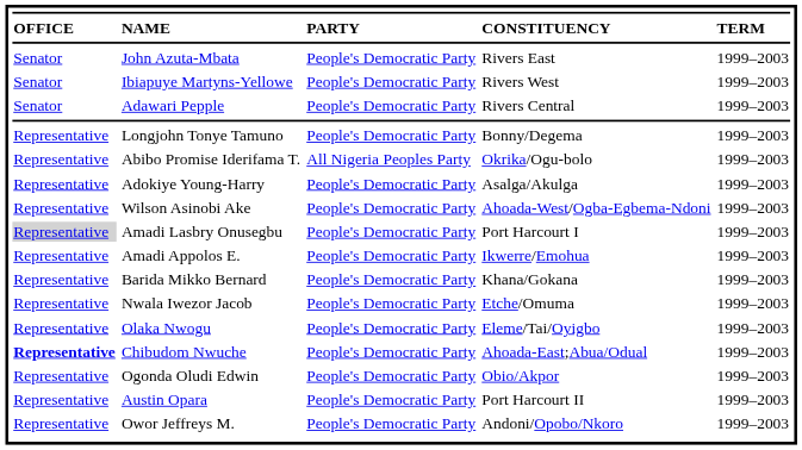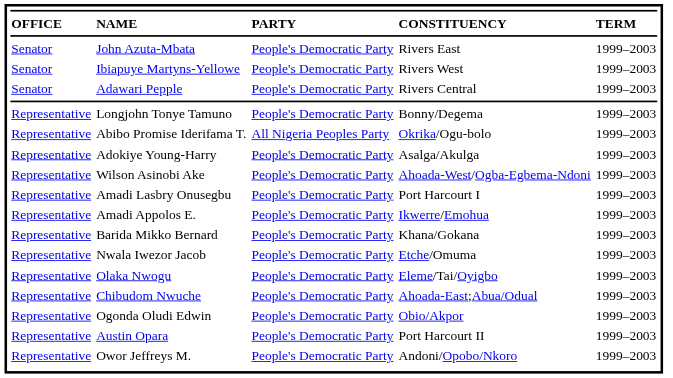 <table cellpadding=1 cellspacing=4 style="margin:3px; border:3px solid #000000;">
 <tr>
 <td bgcolor=#000000 colspan=5></td>
 </tr>
 <tr>
 <td><strong>OFFICE</strong></td>
 <td><strong>NAME</strong></td>
 <td><strong>PARTY</strong></td>
 <td><strong>CONSTITUENCY</strong></td>
 <td><strong>TERM</strong></td>
 </tr>
 <tr>
 <td bgcolor=#000000 colspan=5></td>
 </tr>
 <tr>
 <td><a href='#'>Senator</a></td>
 <td><a href='#'>John Azuta-Mbata</a></td>
 <td><a href='#'>People's Democratic Party</a></td>
 <td>Rivers East</td>
 <td>1999–2003</td>
 </tr>
 <tr>
 <td><a href='#'>Senator</a></td>
 <td><a href='#'>Ibiapuye Martyns-Yellowe</a></td>
 <td><a href='#'>People's Democratic Party</a></td>
 <td>Rivers West</td>
 <td>1999–2003</td>
 </tr>
 <tr>
 <td><a href='#'>Senator</a></td>
 <td><a href='#'>Adawari Pepple</a></td>
 <td><a href='#'>People's Democratic Party</a></td>
 <td>Rivers Central</td>
 <td>1999–2003</td>
 </tr>
 <tr>
 <td bgcolor=#000000 colspan=5></td>
 </tr>
 <tr>
 <td><a href='#'>Representative</a></td>
 <td>Longjohn Tonye Tamuno</td>
 <td><a href='#'>People's Democratic Party</a></td>
 <td>Bonny/Degema</td>
 <td>1999–2003</td>
 </tr>
 <tr>
 <td><a href='#'>Representative</a></td>
 <td>Abibo Promise Iderifama T.</td>
 <td><a href='#'>All Nigeria Peoples Party</a></td>
 <td><a href='#'>Okrika</a>/Ogu-bolo</td>
 <td>1999–2003</td>
 </tr>
 <tr>
 <td><a href='#'>Representative</a></td>
 <td>Adokiye Young-Harry</td>
 <td><a href='#'>People's Democratic Party</a></td>
 <td>Asalga/Akulga</td>
 <td>1999–2003</td>
 </tr>
 <tr>
 <td><a href='#'>Representative</a></td>
 <td>Wilson Asinobi Ake</td>
 <td><a href='#'>People's Democratic Party</a></td>
 <td><a href='#'>Ahoada-West</a>/<a href='#'>Ogba-Egbema-Ndoni</a></td>
 <td>1999–2003</td>
 </tr>
 <tr>
-<td style="background: lightgrey;"><a href='#'>Representative</a></td>
+<td><a href='#'>Representative</a></td>
 <td>Amadi Lasbry Onusegbu</td>
 <td><a href='#'>People's Democratic Party</a></td>
 <td>Port Harcourt I</td>
 <td>1999–2003</td>
 </tr>
 <tr>
 <td><a href='#'>Representative</a></td>
 <td>Amadi Appolos E.</td>
 <td><a href='#'>People's Democratic Party</a></td>
 <td><a href='#'>Ikwerre</a>/<a href='#'>Emohua</a></td>
 <td>1999–2003</td>
 </tr>
 <tr>
 <td><a href='#'>Representative</a></td>
 <td>Barida Mikko Bernard</td>
 <td><a href='#'>People's Democratic Party</a></td>
 <td>Khana/Gokana</td>
 <td>1999–2003</td>
 </tr>
 <tr>
 <td><a href='#'>Representative</a></td>
 <td>Nwala Iwezor Jacob</td>
 <td><a href='#'>People's Democratic Party</a></td>
 <td><a href='#'>Etche</a>/Omuma</td>
 <td>1999–2003</td>
 </tr>
 <tr>
 <td><a href='#'>Representative</a></td>
 <td><a href='#'>Olaka Nwogu</a></td>
 <td><a href='#'>People's Democratic Party</a></td>
 <td><a href='#'>Eleme</a>/Tai/<a href='#'>Oyigbo</a></td>
 <td>1999–2003</td>
 </tr>
 <tr>
-<td><strong><a href='#'>Representative</a></strong></td>
+<td><a href='#'>Representative</a></td>
 <td><a href='#'>Chibudom Nwuche</a></td>
 <td><a href='#'>People's Democratic Party</a></td>
 <td><a href='#'>Ahoada-East</a>;<a href='#'>Abua/Odual</a></td>
 <td>1999–2003</td>
 </tr>
 <tr>
 <td><a href='#'>Representative</a></td>
 <td>Ogonda Oludi Edwin</td>
 <td><a href='#'>People's Democratic Party</a></td>
 <td><a href='#'>Obio/Akpor</a></td>
 <td>1999–2003</td>
 </tr>
 <tr>
 <td><a href='#'>Representative</a></td>
 <td><a href='#'>Austin Opara</a></td>
 <td><a href='#'>People's Democratic Party</a></td>
 <td>Port Harcourt II</td>
 <td>1999–2003</td>
 </tr>
 <tr>
 <td><a href='#'>Representative</a></td>
 <td>Owor Jeffreys M.</td>
 <td><a href='#'>People's Democratic Party</a></td>
 <td>Andoni/<a href='#'>Opobo/Nkoro</a></td>
 <td>1999–2003</td>
 </tr>
 <tr>
 </tr>
 </table>
